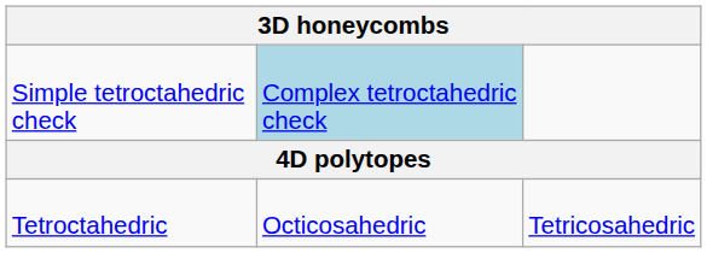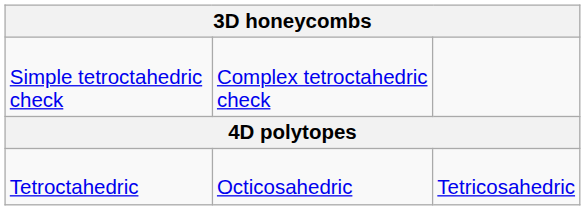 <table class=wikitable align=right width=450>
 <tr>
 <th colspan=3>3D honeycombs</th>
 </tr>
 <tr>
 <td><br><a href='#'>Simple tetroctahedric check</a></td>
-<td style="background: lightblue;"><br><a href='#'>Complex tetroctahedric check</a></td>
+<td><br><a href='#'>Complex tetroctahedric check</a></td>
 </tr>
 <tr>
 <th colspan=3>4D polytopes</th>
 </tr>
 <tr>
 <td><br><a href='#'>Tetroctahedric</a></td>
 <td><br><a href='#'>Octicosahedric</a></td>
 <td><br><a href='#'>Tetricosahedric</a></td>
 </tr>
 </table>
